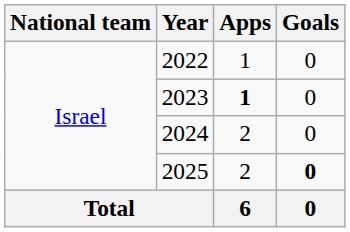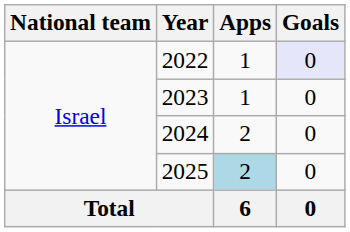 <table class="wikitable" style="text-align:center">
 <tr>
 <th>National team</th>
 <th>Year</th>
 <th>Apps</th>
 <th>Goals</th>
 </tr>
 <tr>
 <td rowspan="4"><a href='#'>Israel</a></td>
 <td>2022</td>
 <td>1</td>
-<td>0</td>
+<td style="background: lavender;">0</td>
 </tr>
 <tr>
 <td>2023</td>
-<td><strong>1</strong></td>
+<td>1</td>
 <td>0</td>
 </tr>
 <tr>
 <td>2024</td>
 <td>2</td>
 <td>0</td>
 </tr>
 <tr>
 <td>2025</td>
-<td>2</td>
-<td><strong>0</strong></td>
+<td style="background: lightblue;">2</td>
+<td>0</td>
 </tr>
 <tr>
 <th colspan="2">Total</th>
 <th>6</th>
 <th>0</th>
 </tr>
 </table>
